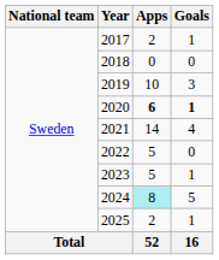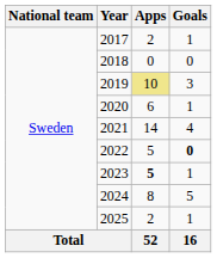 <table class="wikitable" style="text-align: center;">
 <tr>
 <th>National team</th>
 <th>Year</th>
 <th>Apps</th>
 <th>Goals</th>
 </tr>
 <tr>
 <td rowspan="9"><a href='#'>Sweden</a></td>
 <td>2017</td>
 <td>2</td>
 <td>1</td>
 </tr>
 <tr>
 <td>2018</td>
 <td>0</td>
 <td>0</td>
 </tr>
 <tr>
 <td>2019</td>
-<td>10</td>
+<td style="background: khaki;">10</td>
 <td>3</td>
 </tr>
 <tr>
 <td>2020</td>
-<td><strong>6</strong></td>
-<td><strong>1</strong></td>
+<td>6</td>
+<td>1</td>
 </tr>
 <tr>
 <td>2021</td>
 <td>14</td>
 <td>4</td>
 </tr>
 <tr>
 <td>2022</td>
 <td>5</td>
-<td>0</td>
+<td><strong>0</strong></td>
 </tr>
 <tr>
 <td>2023</td>
-<td>5</td>
+<td><strong>5</strong></td>
 <td>1</td>
 </tr>
 <tr>
 <td>2024</td>
-<td style="background: paleturquoise;">8</td>
+<td>8</td>
 <td>5</td>
 </tr>
 <tr>
 <td>2025</td>
 <td>2</td>
 <td>1</td>
 </tr>
 <tr>
 <th colspan="2">Total</th>
 <th>52</th>
 <th>16</th>
 </tr>
 </table>
